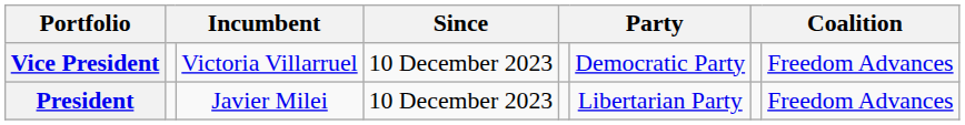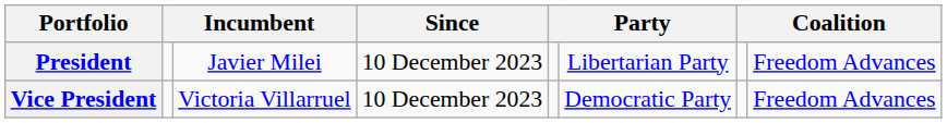 <table class="wikitable sortable" style="text-align:center">
 <tr>
 <th width=" %">Portfolio</th>
 <th colspan="2">Incumbent</th>
 <th>Since</th>
 <th colspan="2">Party</th>
 <th colspan="2">Coalition</th>
+</tr>
+<tr>
+<th style="text-align:center"><a href='#'>President</a></th>
+<td></td>
+<td><a href='#'>Javier Milei</a></td>
+<td>10 December 2023</td>
+<td style="background:"></td>
+<td><a href='#'>Libertarian Party</a></td>
+<td style="background:"></td>
+<td><a href='#'>Freedom Advances</a></td>
 </tr>
 <tr>
 <th style="text-align:center"><a href='#'>Vice President</a></th>
 <td></td>
 <td><a href='#'>Victoria Villarruel</a></td>
 <td>10 December 2023</td>
 <td style="background:"></td>
 <td><a href='#'>Democratic Party</a></td>
 <td style="background:"></td>
 <td><a href='#'>Freedom Advances</a></td>
 </tr>
-<tr>
-<th style="text-align:center"><a href='#'>President</a></th>
-<td></td>
-<td><a href='#'>Javier Milei</a></td>
-<td>10 December 2023</td>
-<td style="background:"></td>
-<td><a href='#'>Libertarian Party</a></td>
-<td style="background:"></td>
-<td><a href='#'>Freedom Advances</a></td>
-</tr>
 </table>
